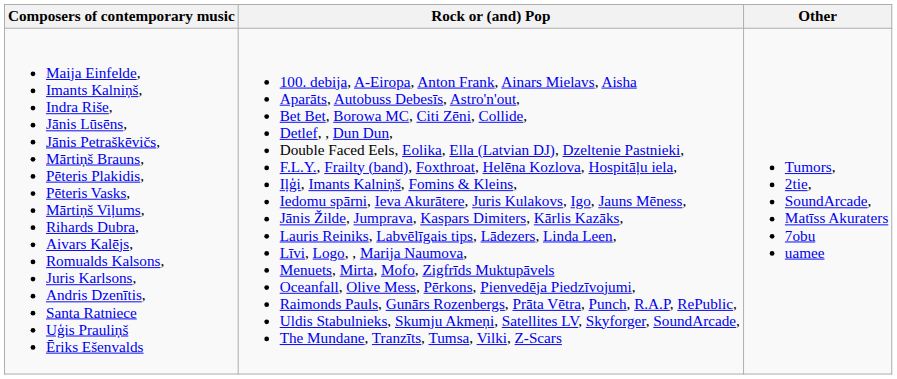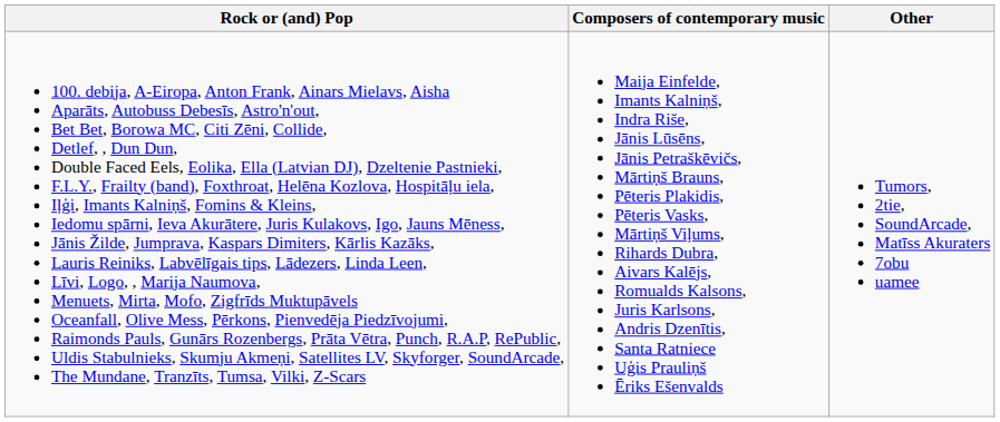 <table class="wikitable">
 <tr>
+<th>Rock or (and) Pop</th>
 <th>Composers of contemporary music</th>
-<th>Rock or (and) Pop</th>
 <th>Other</th>
 </tr>
 <tr>
+<td><br><ul><li><a href='#'>100. debija</a>, <a href='#'>A-Eiropa</a>, <a href='#'>Anton Frank</a>, <a href='#'>Ainars Mielavs</a>, <a href='#'>Aisha</a></li><li><a href='#'>Aparāts</a>, <a href='#'>Autobuss Debesīs</a>, <a href='#'>Astro'n'out</a>,</li><li><a href='#'>Bet Bet</a>, <a href='#'>Borowa MC</a>, <a href='#'>Citi Zēni</a>, <a href='#'>Collide</a>,</li><li><a href='#'>Detlef</a>, , <a href='#'>Dun Dun</a>,</li><li>Double Faced Eels, <a href='#'>Eolika</a>, <a href='#'>Ella (Latvian DJ)</a>, <a href='#'>Dzeltenie Pastnieki</a>,</li><li><a href='#'>F.L.Y.</a>, <a href='#'>Frailty (band)</a>, <a href='#'>Foxthroat</a>, <a href='#'>Helēna Kozlova</a>, <a href='#'>Hospitāļu iela</a>,</li><li><a href='#'>Iļģi</a>, <a href='#'>Imants Kalniņš</a>, <a href='#'>Fomins & Kleins</a>,</li><li><a href='#'>Iedomu spārni</a>, <a href='#'>Ieva Akurātere</a>, <a href='#'>Juris Kulakovs</a>, <a href='#'>Igo</a>, <a href='#'>Jauns Mēness</a>,</li><li><a href='#'>Jānis Žilde</a>, <a href='#'>Jumprava</a>, <a href='#'>Kaspars Dimiters</a>, <a href='#'>Kārlis Kazāks</a>,</li><li><a href='#'>Lauris Reiniks</a>, <a href='#'>Labvēlīgais tips</a>, <a href='#'>Lādezers</a>, <a href='#'>Linda Leen</a>,</li><li><a href='#'>Līvi</a>, <a href='#'>Logo</a>, , <a href='#'>Marija Naumova</a>,</li><li><a href='#'>Menuets</a>, <a href='#'>Mirta</a>, <a href='#'>Mofo</a>, <a href='#'>Zigfrīds Muktupāvels</a></li><li><a href='#'>Oceanfall</a>, <a href='#'>Olive Mess</a>, <a href='#'>Pērkons</a>, <a href='#'>Pienvedēja Piedzīvojumi</a>,</li><li><a href='#'>Raimonds Pauls</a>, <a href='#'>Gunārs Rozenbergs</a>, <a href='#'>Prāta Vētra</a>, <a href='#'>Punch</a>, <a href='#'>R.A.P</a>, <a href='#'>RePublic</a>,</li><li><a href='#'>Uldis Stabulnieks</a>, <a href='#'>Skumju Akmeņi</a>, <a href='#'>Satellites LV</a>, <a href='#'>Skyforger</a>, <a href='#'>SoundArcade</a>,</li><li><a href='#'>The Mundane</a>, <a href='#'>Tranzīts</a>, <a href='#'>Tumsa</a>, <a href='#'>Vilki</a>, <a href='#'>Z-Scars</a></li></ul></td>
 <td><br><ul><li><a href='#'>Maija Einfelde</a>,</li><li><a href='#'>Imants Kalniņš</a>,</li><li><a href='#'>Indra Riše</a>,</li><li><a href='#'>Jānis Lūsēns</a>,</li><li><a href='#'>Jānis Petraškēvičs</a>,</li><li><a href='#'>Mārtiņš Brauns</a>,</li><li><a href='#'>Pēteris Plakidis</a>,</li><li><a href='#'>Pēteris Vasks</a>,</li><li><a href='#'>Mārtiņš Viļums</a>,</li><li><a href='#'>Rihards Dubra</a>,</li><li><a href='#'>Aivars Kalējs</a>,</li><li><a href='#'>Romualds Kalsons</a>,</li><li><a href='#'>Juris Karlsons</a>,</li><li><a href='#'>Andris Dzenītis</a>,</li><li><a href='#'>Santa Ratniece</a></li><li><a href='#'>Uģis Prauliņš</a></li><li><a href='#'>Ēriks Ešenvalds</a></li></ul></td>
-<td><br><ul><li><a href='#'>100. debija</a>, <a href='#'>A-Eiropa</a>, <a href='#'>Anton Frank</a>, <a href='#'>Ainars Mielavs</a>, <a href='#'>Aisha</a></li><li><a href='#'>Aparāts</a>, <a href='#'>Autobuss Debesīs</a>, <a href='#'>Astro'n'out</a>,</li><li><a href='#'>Bet Bet</a>, <a href='#'>Borowa MC</a>, <a href='#'>Citi Zēni</a>, <a href='#'>Collide</a>,</li><li><a href='#'>Detlef</a>, , <a href='#'>Dun Dun</a>,</li><li>Double Faced Eels, <a href='#'>Eolika</a>, <a href='#'>Ella (Latvian DJ)</a>, <a href='#'>Dzeltenie Pastnieki</a>,</li><li><a href='#'>F.L.Y.</a>, <a href='#'>Frailty (band)</a>, <a href='#'>Foxthroat</a>, <a href='#'>Helēna Kozlova</a>, <a href='#'>Hospitāļu iela</a>,</li><li><a href='#'>Iļģi</a>, <a href='#'>Imants Kalniņš</a>, <a href='#'>Fomins & Kleins</a>,</li><li><a href='#'>Iedomu spārni</a>, <a href='#'>Ieva Akurātere</a>, <a href='#'>Juris Kulakovs</a>, <a href='#'>Igo</a>, <a href='#'>Jauns Mēness</a>,</li><li><a href='#'>Jānis Žilde</a>, <a href='#'>Jumprava</a>, <a href='#'>Kaspars Dimiters</a>, <a href='#'>Kārlis Kazāks</a>,</li><li><a href='#'>Lauris Reiniks</a>, <a href='#'>Labvēlīgais tips</a>, <a href='#'>Lādezers</a>, <a href='#'>Linda Leen</a>,</li><li><a href='#'>Līvi</a>, <a href='#'>Logo</a>, , <a href='#'>Marija Naumova</a>,</li><li><a href='#'>Menuets</a>, <a href='#'>Mirta</a>, <a href='#'>Mofo</a>, <a href='#'>Zigfrīds Muktupāvels</a></li><li><a href='#'>Oceanfall</a>, <a href='#'>Olive Mess</a>, <a href='#'>Pērkons</a>, <a href='#'>Pienvedēja Piedzīvojumi</a>,</li><li><a href='#'>Raimonds Pauls</a>, <a href='#'>Gunārs Rozenbergs</a>, <a href='#'>Prāta Vētra</a>, <a href='#'>Punch</a>, <a href='#'>R.A.P</a>, <a href='#'>RePublic</a>,</li><li><a href='#'>Uldis Stabulnieks</a>, <a href='#'>Skumju Akmeņi</a>, <a href='#'>Satellites LV</a>, <a href='#'>Skyforger</a>, <a href='#'>SoundArcade</a>,</li><li><a href='#'>The Mundane</a>, <a href='#'>Tranzīts</a>, <a href='#'>Tumsa</a>, <a href='#'>Vilki</a>, <a href='#'>Z-Scars</a></li></ul></td>
 <td><br><ul><li><a href='#'>Tumors</a>,</li><li><a href='#'>2tie</a>,</li><li><a href='#'>SoundArcade</a>,</li><li><a href='#'>Matīss Akuraters</a></li><li><a href='#'>7obu</a></li><li><a href='#'>uamee</a></li></ul></td>
 </tr>
 </table>
